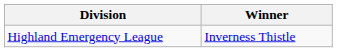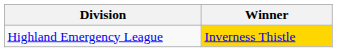 <table class="wikitable">
 <tr>
 <th width=230>Division</th>
 <th width=150>Winner</th>
 </tr>
 <tr>
 <td><a href='#'>Highland Emergency League</a></td>
-<td><a href='#'>Inverness Thistle</a></td>
+<td style="background: gold;"><a href='#'>Inverness Thistle</a></td>
 </tr>
 </table>
